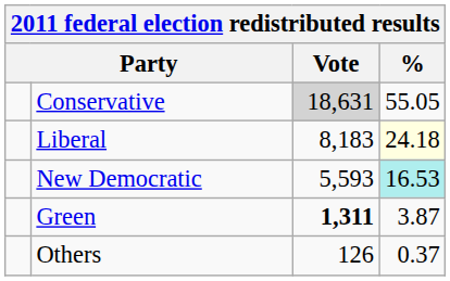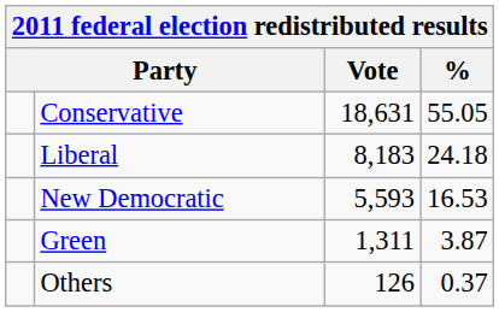 <table class="wikitable">
 <tr>
 <th colspan="4"><a href='#'>2011 federal election</a> redistributed results</th>
 </tr>
 <tr>
 <th bgcolor="#DDDDFF" width="130px" colspan="2">Party</th>
 <th bgcolor="#DDDDFF" width="50px">Vote</th>
 <th bgcolor="#DDDDFF" width="30px">%</th>
 </tr>
 <tr>
 <td> </td>
 <td><a href='#'>Conservative</a></td>
-<td align=right style="background: lightgrey;">18,631</td>
+<td align=right>18,631</td>
 <td align=right>55.05</td>
 </tr>
 <tr>
 <td> </td>
 <td><a href='#'>Liberal</a></td>
 <td align=right>8,183</td>
-<td align=right style="background: lightyellow;">24.18</td>
+<td align=right>24.18</td>
 </tr>
 <tr>
 <td> </td>
 <td><a href='#'>New Democratic</a></td>
 <td align=right>5,593</td>
-<td align=right style="background: paleturquoise;">16.53</td>
+<td align=right>16.53</td>
 </tr>
 <tr>
 <td> </td>
 <td><a href='#'>Green</a></td>
-<td align=right><strong>1,311</strong></td>
+<td align=right>1,311</td>
 <td align=right>3.87</td>
 </tr>
 <tr>
 <td> </td>
 <td>Others</td>
 <td align=right>126</td>
 <td align=right>0.37</td>
 </tr>
 </table>
